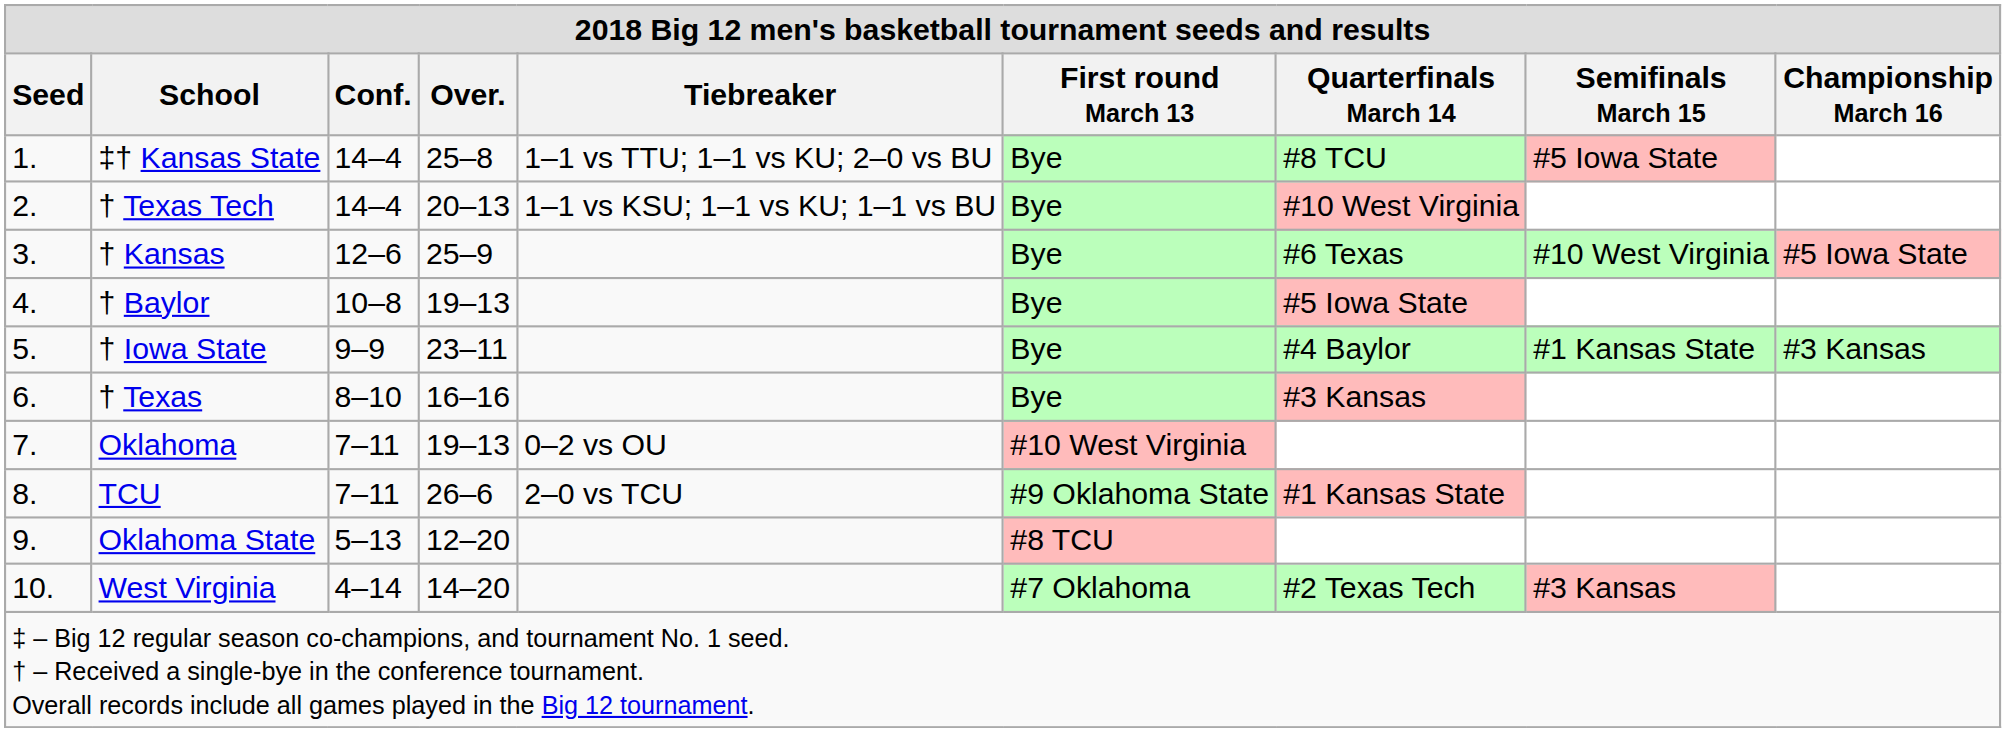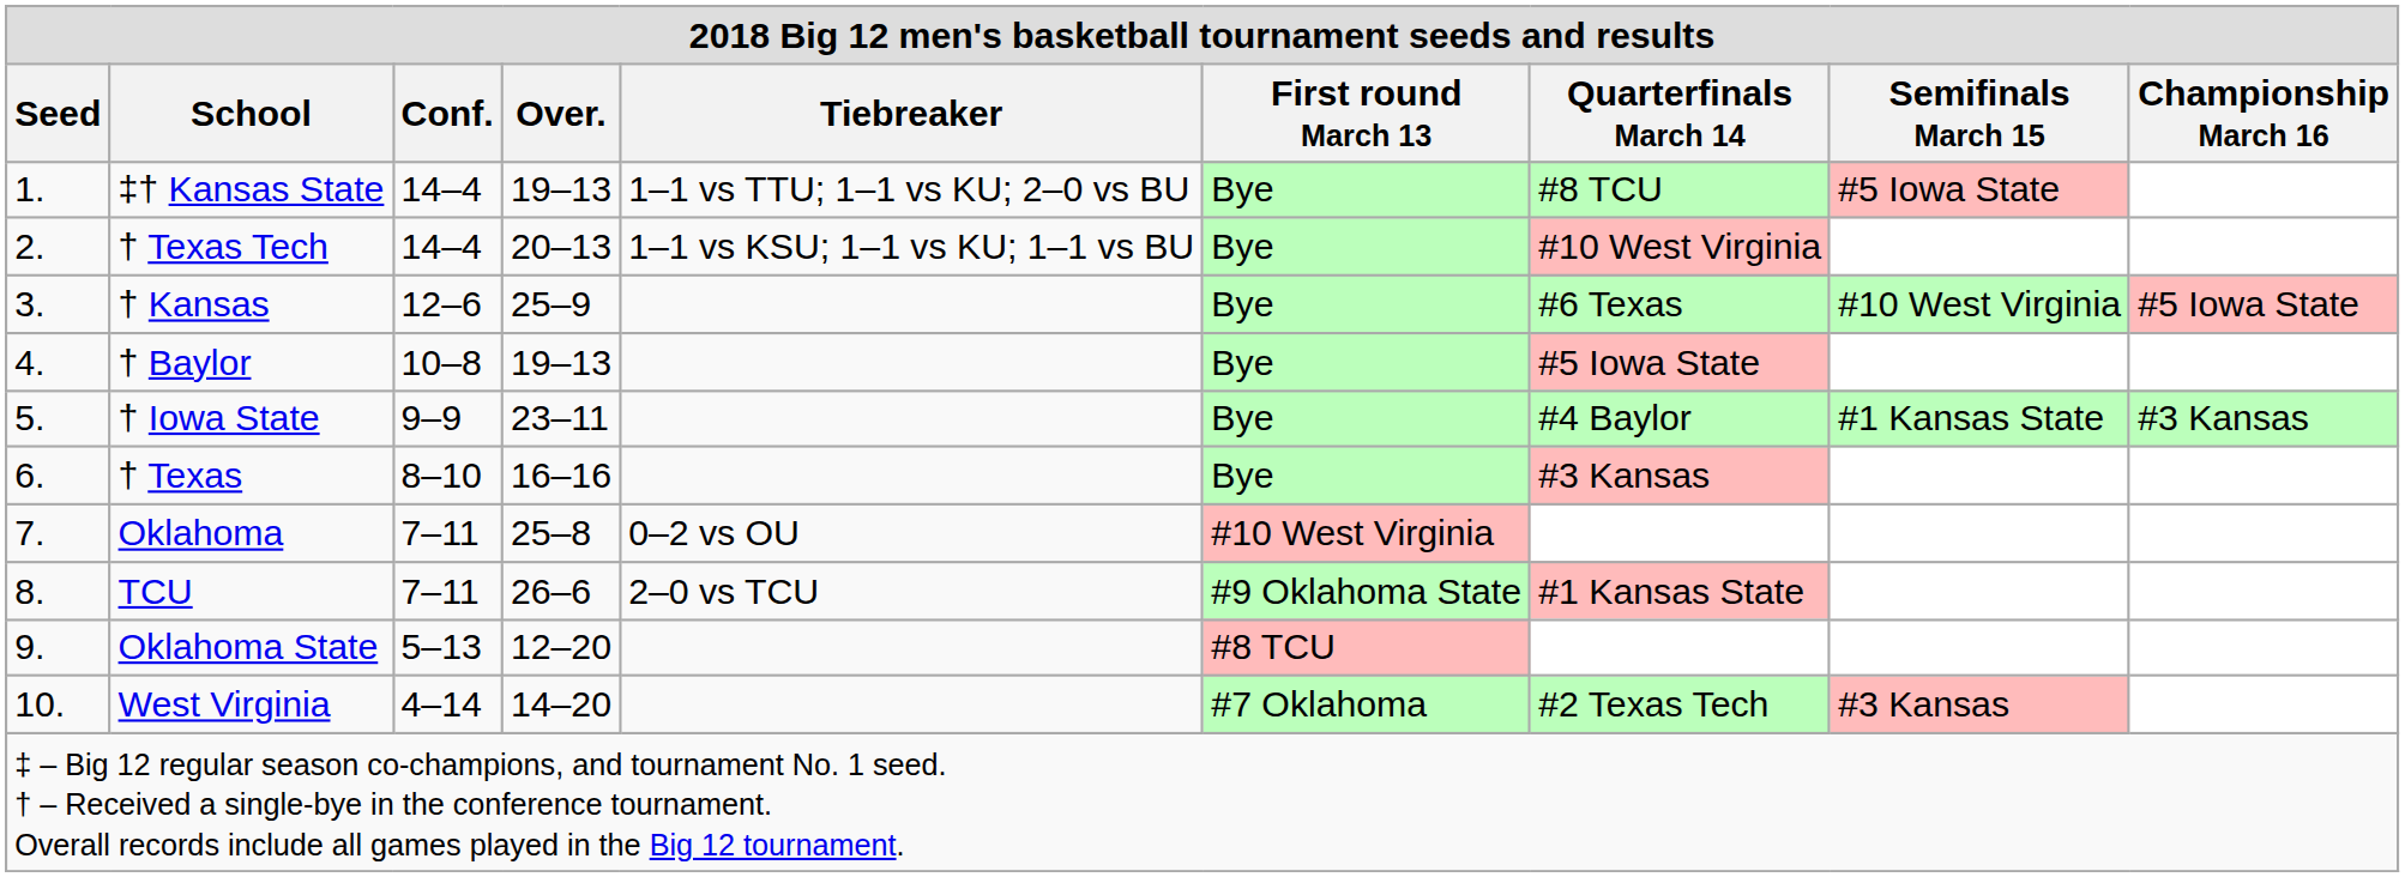 <table class="wikitable" style="white-space:nowrap; font-size:90%;">
 <tr>
 <td colspan="10" style="text-align:center; background:#DDDDDD; font:#000000"><strong>2018 Big 12 men's basketball tournament seeds and results</strong></td>
 </tr>
 <tr bgcolor="#efefef">
 <th>Seed</th>
 <th>School</th>
 <th>Conf.</th>
 <th>Over.</th>
 <th>Tiebreaker</th>
 <th>First round<br><small>March 13</small></th>
 <th>Quarterfinals<br><small>March 14</small></th>
 <th>Semifinals<br><small>March 15</small></th>
 <th>Championship<br><small>March 16</small></th>
 </tr>
 <tr>
 <td>1.</td>
 <td>‡† <a href='#'>Kansas State</a></td>
 <td>14–4</td>
-<td>25–8</td>
+<td>19–13</td>
 <td>1–1 vs TTU; 1–1 vs KU; 2–0 vs BU</td>
 <td style="background:#bfb;">Bye</td>
 <td style="background:#bfb;">#8 TCU</td>
 <td style="background:#fbb;">#5 Iowa State</td>
 <td style="background:#fff;"></td>
 </tr>
 <tr>
 <td>2.</td>
 <td>† <a href='#'>Texas Tech</a></td>
 <td>14–4</td>
 <td>20–13</td>
 <td>1–1 vs KSU; 1–1 vs KU; 1–1 vs BU</td>
 <td style="background:#bfb;">Bye</td>
 <td style="background:#fbb;">#10 West Virginia</td>
 <td style="background:#fff;"></td>
 <td style="background:#fff;"></td>
 </tr>
 <tr>
 <td>3.</td>
 <td>† <a href='#'>Kansas</a></td>
 <td>12–6</td>
 <td>25–9</td>
 <td></td>
 <td style="background:#bfb;">Bye</td>
 <td style="background:#bfb;">#6 Texas</td>
 <td style="background:#bfb;">#10 West Virginia</td>
 <td style="background:#fbb;">#5 Iowa State</td>
 </tr>
 <tr>
 <td>4.</td>
 <td>† <a href='#'>Baylor</a></td>
 <td>10–8</td>
 <td>19–13</td>
 <td></td>
 <td style="background:#bfb;">Bye</td>
 <td style="background:#fbb;">#5 Iowa State</td>
 <td style="background:#fff;"></td>
 <td style="background:#fff;"></td>
 </tr>
 <tr>
 <td>5.</td>
 <td>† <a href='#'>Iowa State</a></td>
 <td>9–9</td>
 <td>23–11</td>
 <td></td>
 <td style="background:#bfb;">Bye</td>
 <td style="background:#bfb;">#4 Baylor</td>
 <td style="background:#bfb;">#1 Kansas State</td>
 <td style="background:#bfb;">#3 Kansas</td>
 </tr>
 <tr>
 <td>6.</td>
 <td>† <a href='#'>Texas</a></td>
 <td>8–10</td>
 <td>16–16</td>
 <td></td>
 <td style="background:#bfb;">Bye</td>
 <td style="background:#fbb;">#3 Kansas</td>
 <td style="background:#fff;"></td>
 <td style="background:#fff;"></td>
 </tr>
 <tr>
 <td>7.</td>
 <td><a href='#'>Oklahoma</a></td>
 <td>7–11</td>
-<td>19–13</td>
+<td>25–8</td>
 <td>0–2 vs OU</td>
 <td style="background:#fbb;">#10 West Virginia</td>
 <td style="background:#fff;"></td>
 <td style="background:#fff;"></td>
 <td style="background:#fff;"></td>
 </tr>
 <tr>
 <td>8.</td>
 <td><a href='#'>TCU</a></td>
 <td>7–11</td>
 <td>26–6</td>
 <td>2–0 vs TCU</td>
 <td style="background:#bfb;">#9 Oklahoma State</td>
 <td style="background:#fbb;">#1 Kansas State</td>
 <td style="background:#fff;"></td>
 <td style="background:#fff;"></td>
 </tr>
 <tr>
 <td>9.</td>
 <td><a href='#'>Oklahoma State</a></td>
 <td>5–13</td>
 <td>12–20</td>
 <td></td>
 <td style="background:#fbb;">#8 TCU</td>
 <td style="background:#fff;"></td>
 <td style="background:#fff;"></td>
 <td style="background:#fff;"></td>
 </tr>
 <tr>
 <td>10.</td>
 <td><a href='#'>West Virginia</a></td>
 <td>4–14</td>
 <td>14–20</td>
 <td></td>
 <td style="background:#bfb;">#7 Oklahoma</td>
 <td style="background:#bfb;">#2 Texas Tech</td>
 <td style="background:#fbb;">#3 Kansas</td>
 <td style="background:#fff;"></td>
 </tr>
 <tr>
 <td colspan="10" style="text-align:left;"><small>‡ – Big 12 regular season co-champions, and tournament No. 1 seed.<br>† – Received a single-bye in the conference tournament.<br>Overall records include all games played in the <a href='#'>Big 12 tournament</a>.</small></td>
 </tr>
 <tr>
 </tr>
 </table>
